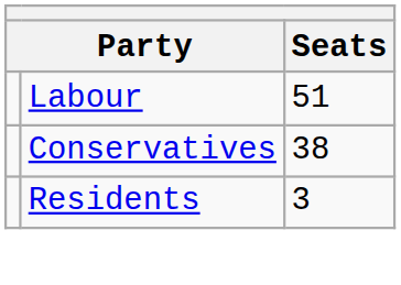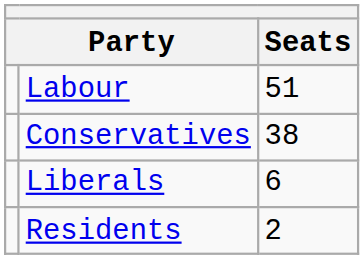 <table class="wikitable">
 <tr>
 <th colspan="3"></th>
 </tr>
 <tr>
 <th colspan="2">Party</th>
 <th>Seats</th>
 </tr>
 <tr>
 <td style="color:inherit;background:"></td>
 <td><a href='#'>Labour</a></td>
 <td>51</td>
 </tr>
 <tr>
 <td style="color:inherit;background:"></td>
 <td><a href='#'>Conservatives</a></td>
 <td>38</td>
 </tr>
 <tr>
 <td style="color:inherit;background:"></td>
+<td><a href='#'>Liberals</a></td>
+<td>6</td>
+</tr>
+<tr>
+<td style="color:inherit;background:"></td>
 <td><a href='#'>Residents</a></td>
-<td>3</td>
+<td>2</td>
 </tr>
 </table>
